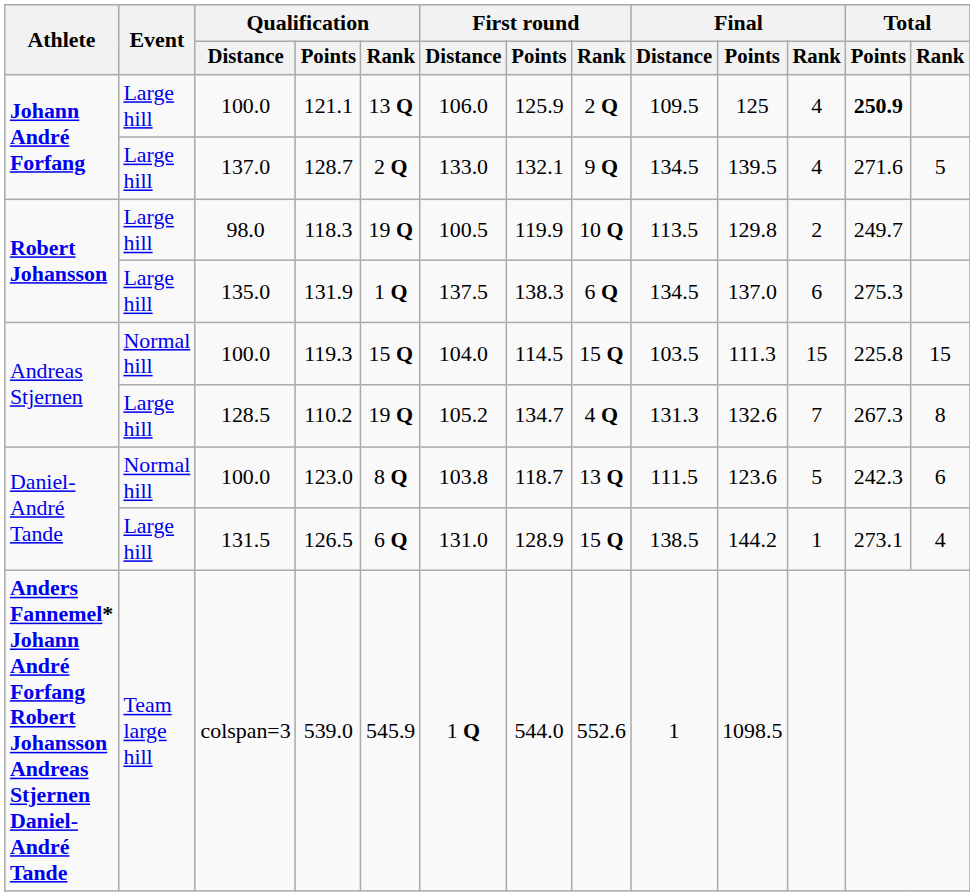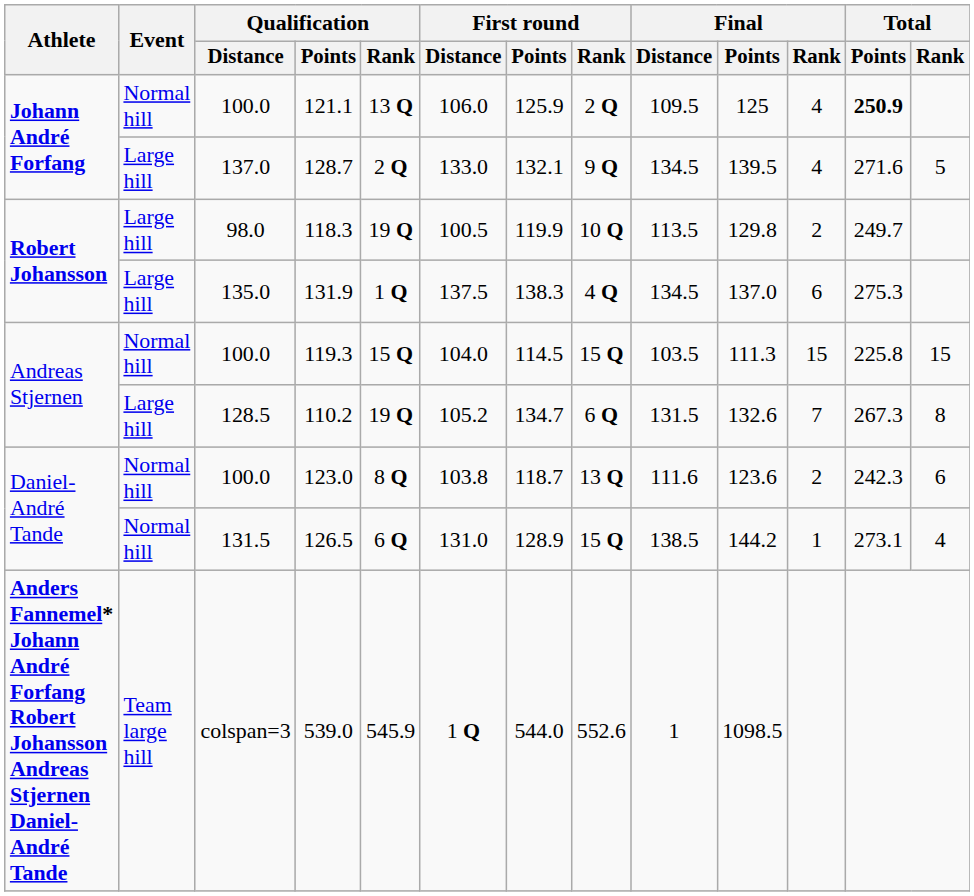 <table class="wikitable" style="font-size:90%">
 <tr>
 <th rowspan=2>Athlete</th>
 <th rowspan=2>Event</th>
 <th colspan=3>Qualification</th>
 <th colspan=3>First round</th>
 <th colspan=3>Final</th>
 <th colspan=2>Total</th>
 </tr>
 <tr style="font-size:95%">
 <th>Distance</th>
 <th>Points</th>
 <th>Rank</th>
 <th>Distance</th>
 <th>Points</th>
 <th>Rank</th>
 <th>Distance</th>
 <th>Points</th>
 <th>Rank</th>
 <th>Points</th>
 <th>Rank</th>
 </tr>
 <tr align=center>
 <td align=left rowspan=2><strong><a href='#'>Johann André Forfang</a></strong></td>
-<td align=left><a href='#'>Large hill</a></td>
+<td align=left><a href='#'>Normal hill</a></td>
 <td>100.0</td>
 <td>121.1</td>
 <td>13 <strong>Q</strong></td>
 <td>106.0</td>
 <td>125.9</td>
 <td>2 <strong>Q</strong></td>
 <td>109.5</td>
 <td>125</td>
 <td>4</td>
 <td><strong>250.9</strong></td>
 <td></td>
 </tr>
 <tr align=center>
 <td align=left><a href='#'>Large hill</a></td>
 <td>137.0</td>
 <td>128.7</td>
 <td>2 <strong>Q</strong></td>
 <td>133.0</td>
 <td>132.1</td>
 <td>9 <strong>Q</strong></td>
 <td>134.5</td>
 <td>139.5</td>
 <td>4</td>
 <td>271.6</td>
 <td>5</td>
 </tr>
 <tr align=center>
 <td align=left rowspan=2><strong><a href='#'>Robert Johansson</a></strong></td>
 <td align=left><a href='#'>Large hill</a></td>
 <td>98.0</td>
 <td>118.3</td>
 <td>19 <strong>Q</strong></td>
 <td>100.5</td>
 <td>119.9</td>
 <td>10 <strong>Q</strong></td>
 <td>113.5</td>
 <td>129.8</td>
 <td>2</td>
 <td>249.7</td>
 <td></td>
 </tr>
 <tr align=center>
 <td align=left><a href='#'>Large hill</a></td>
 <td>135.0</td>
 <td>131.9</td>
 <td>1 <strong>Q</strong></td>
 <td>137.5</td>
 <td>138.3</td>
-<td>6 <strong>Q</strong></td>
+<td>4 <strong>Q</strong></td>
 <td>134.5</td>
 <td>137.0</td>
 <td>6</td>
 <td>275.3</td>
 <td></td>
 </tr>
 <tr align=center>
 <td align=left rowspan=2><a href='#'>Andreas Stjernen</a></td>
 <td align=left><a href='#'>Normal hill</a></td>
 <td>100.0</td>
 <td>119.3</td>
 <td>15 <strong>Q</strong></td>
 <td>104.0</td>
 <td>114.5</td>
 <td>15 <strong>Q</strong></td>
 <td>103.5</td>
 <td>111.3</td>
 <td>15</td>
 <td>225.8</td>
 <td>15</td>
 </tr>
 <tr align=center>
 <td align=left><a href='#'>Large hill</a></td>
 <td>128.5</td>
 <td>110.2</td>
 <td>19 <strong>Q</strong></td>
 <td>105.2</td>
 <td>134.7</td>
-<td>4 <strong>Q</strong></td>
-<td>131.3</td>
+<td>6 <strong>Q</strong></td>
+<td>131.5</td>
 <td>132.6</td>
 <td>7</td>
 <td>267.3</td>
 <td>8</td>
 </tr>
 <tr align=center>
 <td align=left rowspan=2><a href='#'>Daniel-André Tande</a></td>
 <td align=left><a href='#'>Normal hill</a></td>
 <td>100.0</td>
 <td>123.0</td>
 <td>8 <strong>Q</strong></td>
 <td>103.8</td>
 <td>118.7</td>
 <td>13 <strong>Q</strong></td>
-<td>111.5</td>
+<td>111.6</td>
 <td>123.6</td>
-<td>5</td>
+<td>2</td>
 <td>242.3</td>
 <td>6</td>
 </tr>
 <tr align=center>
-<td align=left><a href='#'>Large hill</a></td>
+<td align=left><a href='#'>Normal hill</a></td>
 <td>131.5</td>
 <td>126.5</td>
 <td>6 <strong>Q</strong></td>
 <td>131.0</td>
 <td>128.9</td>
 <td>15 <strong>Q</strong></td>
 <td>138.5</td>
 <td>144.2</td>
 <td>1</td>
 <td>273.1</td>
 <td>4</td>
 </tr>
 <tr align=center>
 <td align=left><strong><a href='#'>Anders Fannemel</a>*<br><a href='#'>Johann André Forfang</a><br><a href='#'>Robert Johansson</a><br><a href='#'>Andreas Stjernen</a><br><a href='#'>Daniel-André Tande</a></strong></td>
 <td align=left><a href='#'>Team large hill</a></td>
 <td>colspan=3 </td>
 <td>539.0</td>
 <td>545.9</td>
 <td>1 <strong>Q</strong></td>
 <td>544.0</td>
 <td>552.6</td>
 <td>1</td>
 <td>1098.5</td>
 <td></td>
 </tr>
 </table>
